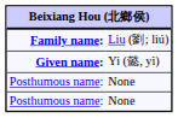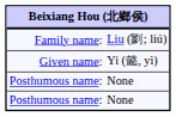 <table cellpadding=3px cellspacing=0px bgcolor=#f7f8ff style="float:right; border:2px solid; margin:5px;">
 <tr>
 <th align=center style="background:#ccf; border-bottom:2px solid" colspan=2><strong>Beixiang Hou</strong> (北鄉侯)</th>
 </tr>
 <tr>
-<td align=right style="border-top:1px solid"><strong><a href='#'>Family name</a>:</strong></td>
+<td align=right style="border-top:1px solid"><a href='#'>Family name</a>:</td>
 <td style="border-top:1px solid"><a href='#'>Liu</a> (劉; liú)</td>
 </tr>
 <tr>
-<td align=right style="border-top:1px solid"><strong><a href='#'>Given name</a>:</strong></td>
+<td align=right style="border-top:1px solid"><a href='#'>Given name</a>:</td>
 <td style="border-top:1px solid">Yi (懿, yì)</td>
 </tr>
 <tr>
 <td align=right style="border-top:1px solid"><a href='#'>Posthumous name</a>:<br></td>
 <td style="border-top:1px solid">None</td>
 </tr>
 <tr>
 <td align=right style="border-top:1px solid"><a href='#'>Posthumous name</a>:<br></td>
 <td style="border-top:1px solid">None</td>
 </tr>
 <tr>
 </tr>
 </table>
